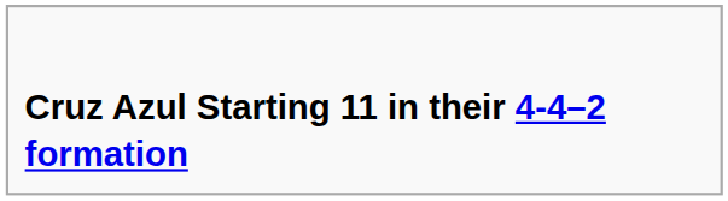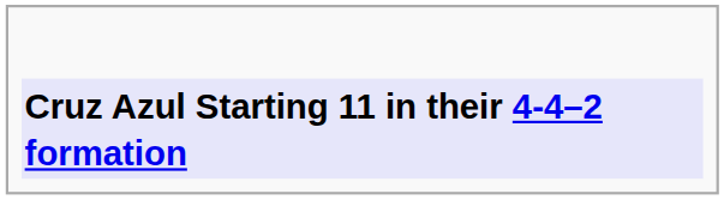 <table class="infobox" width="270px">
 <tr>
 <td><div><br>                       </div></td>
 </tr>
 <tr>
-<td><small><strong>Cruz Azul Starting 11 in their <a href='#'>4-4–2 formation</a></strong></small></td>
+<td style="background: lavender;"><small><strong>Cruz Azul Starting 11 in their <a href='#'>4-4–2 formation</a></strong></small></td>
 </tr>
 </table>
